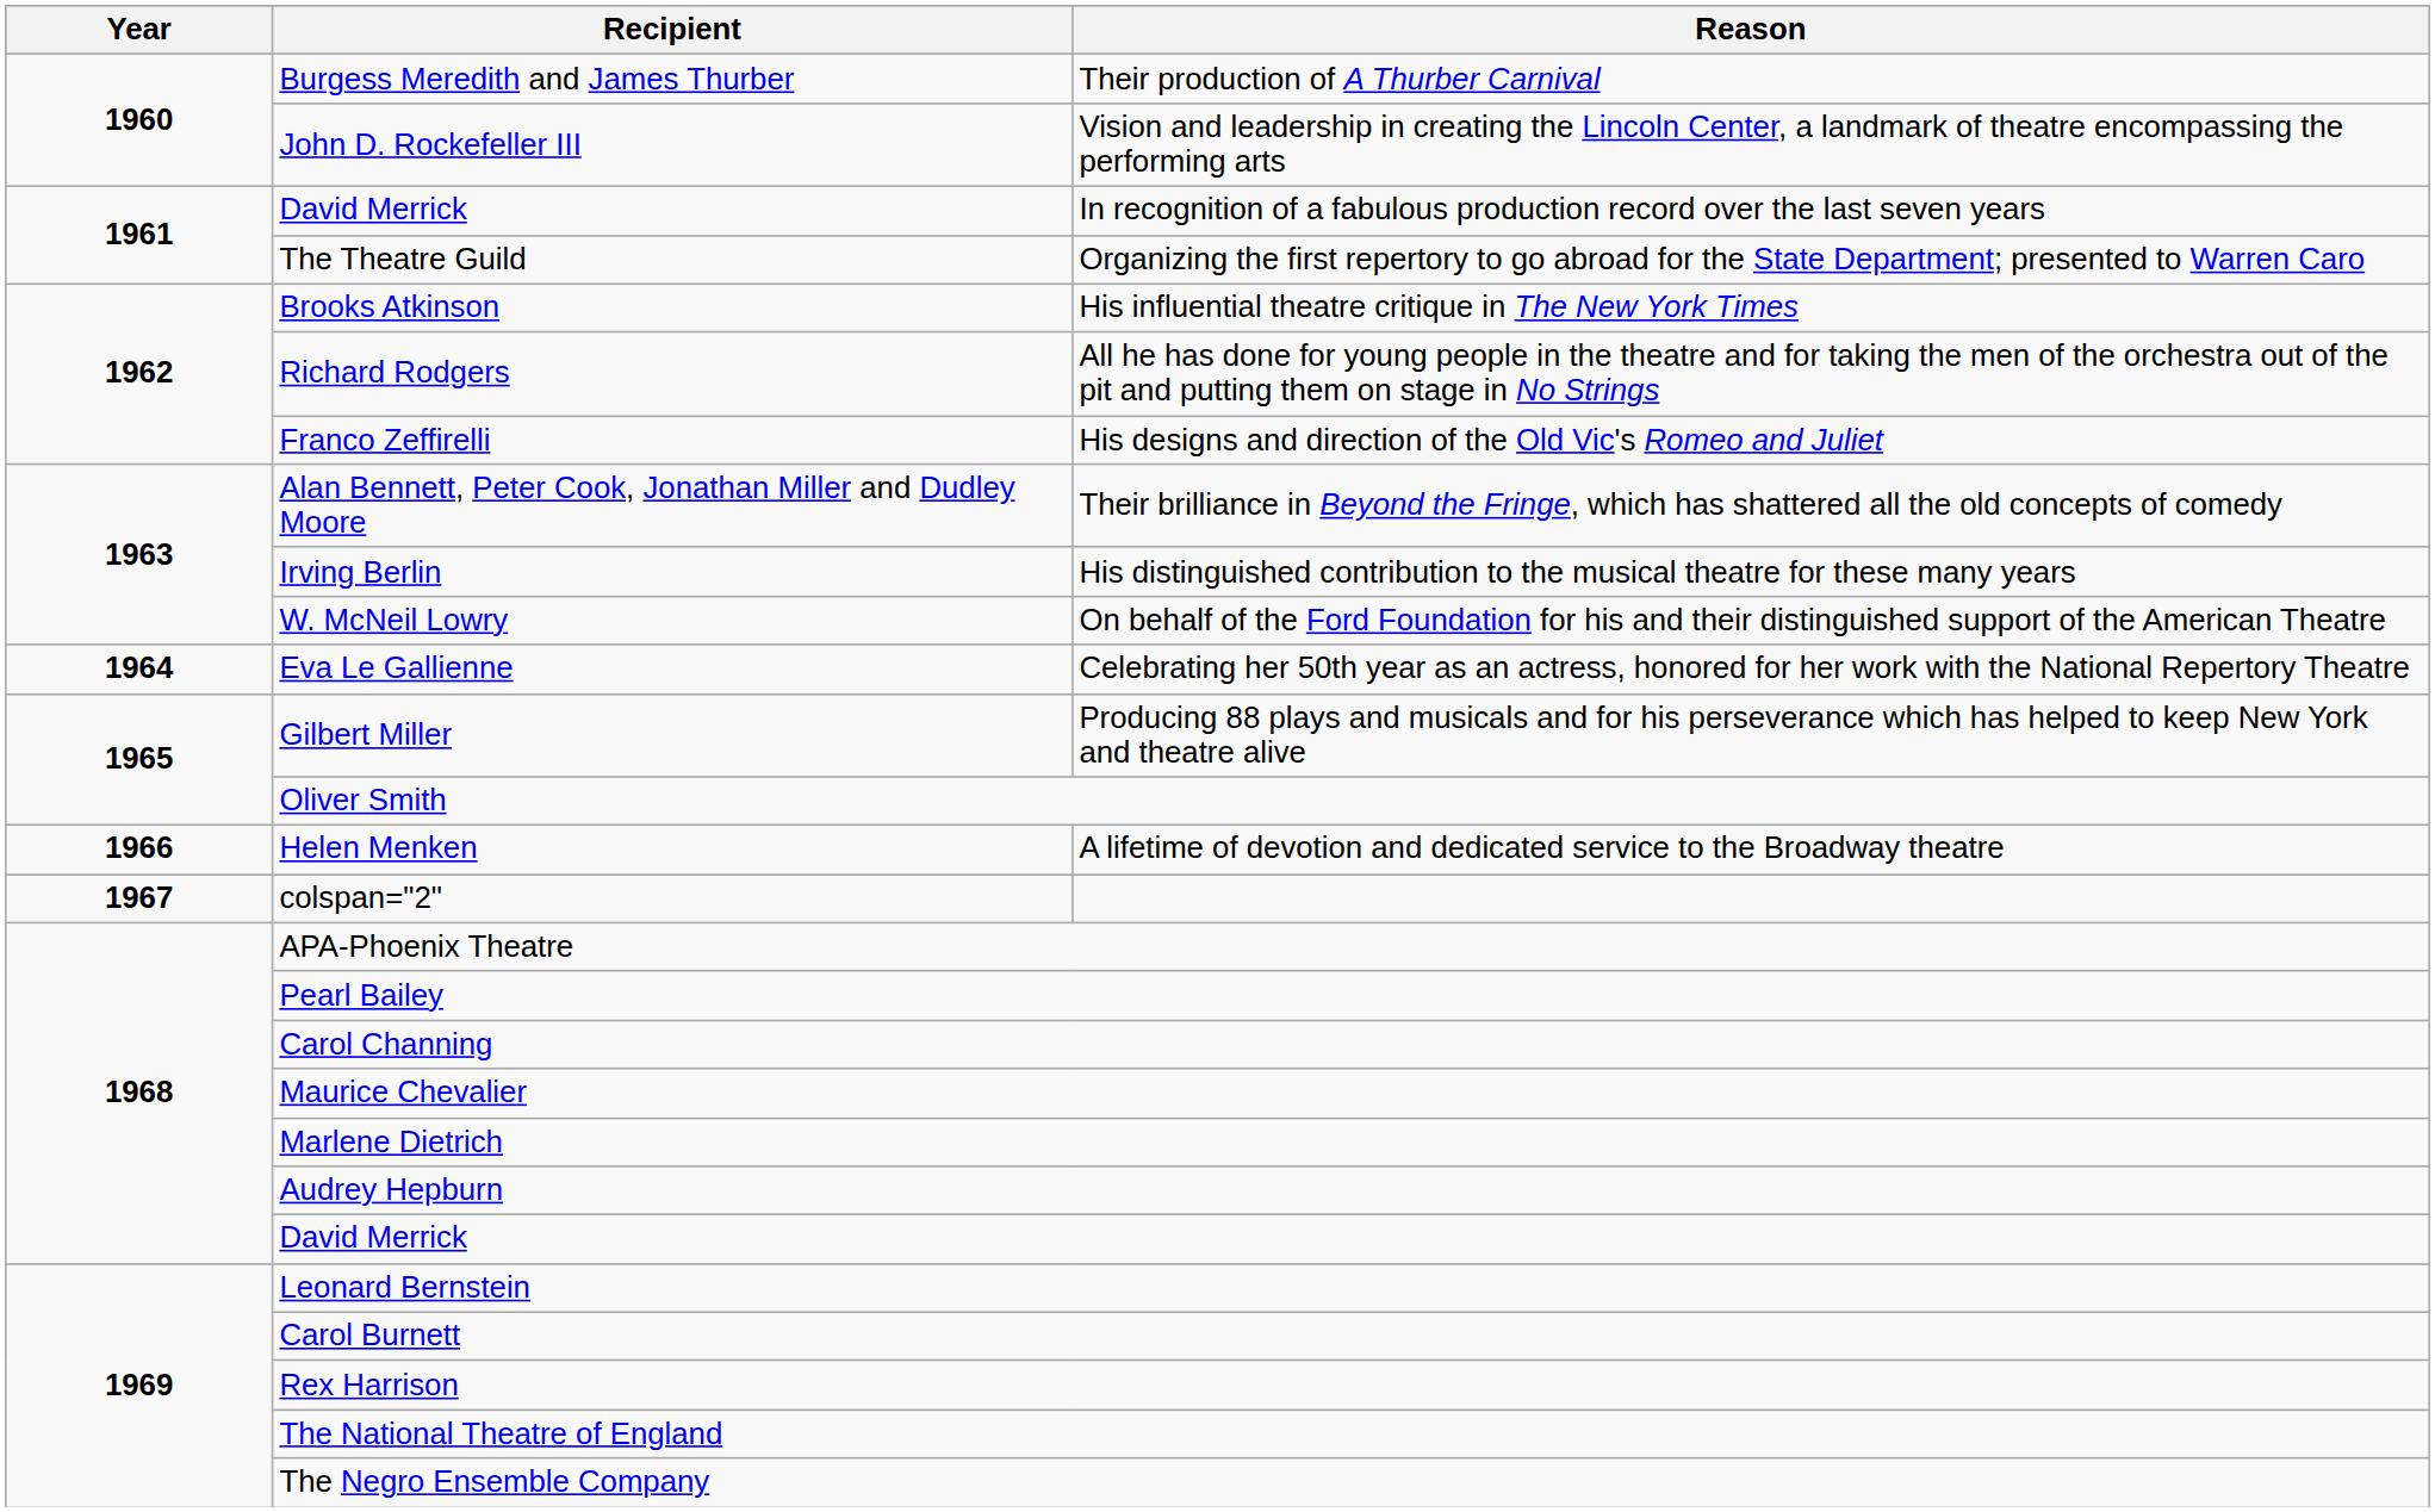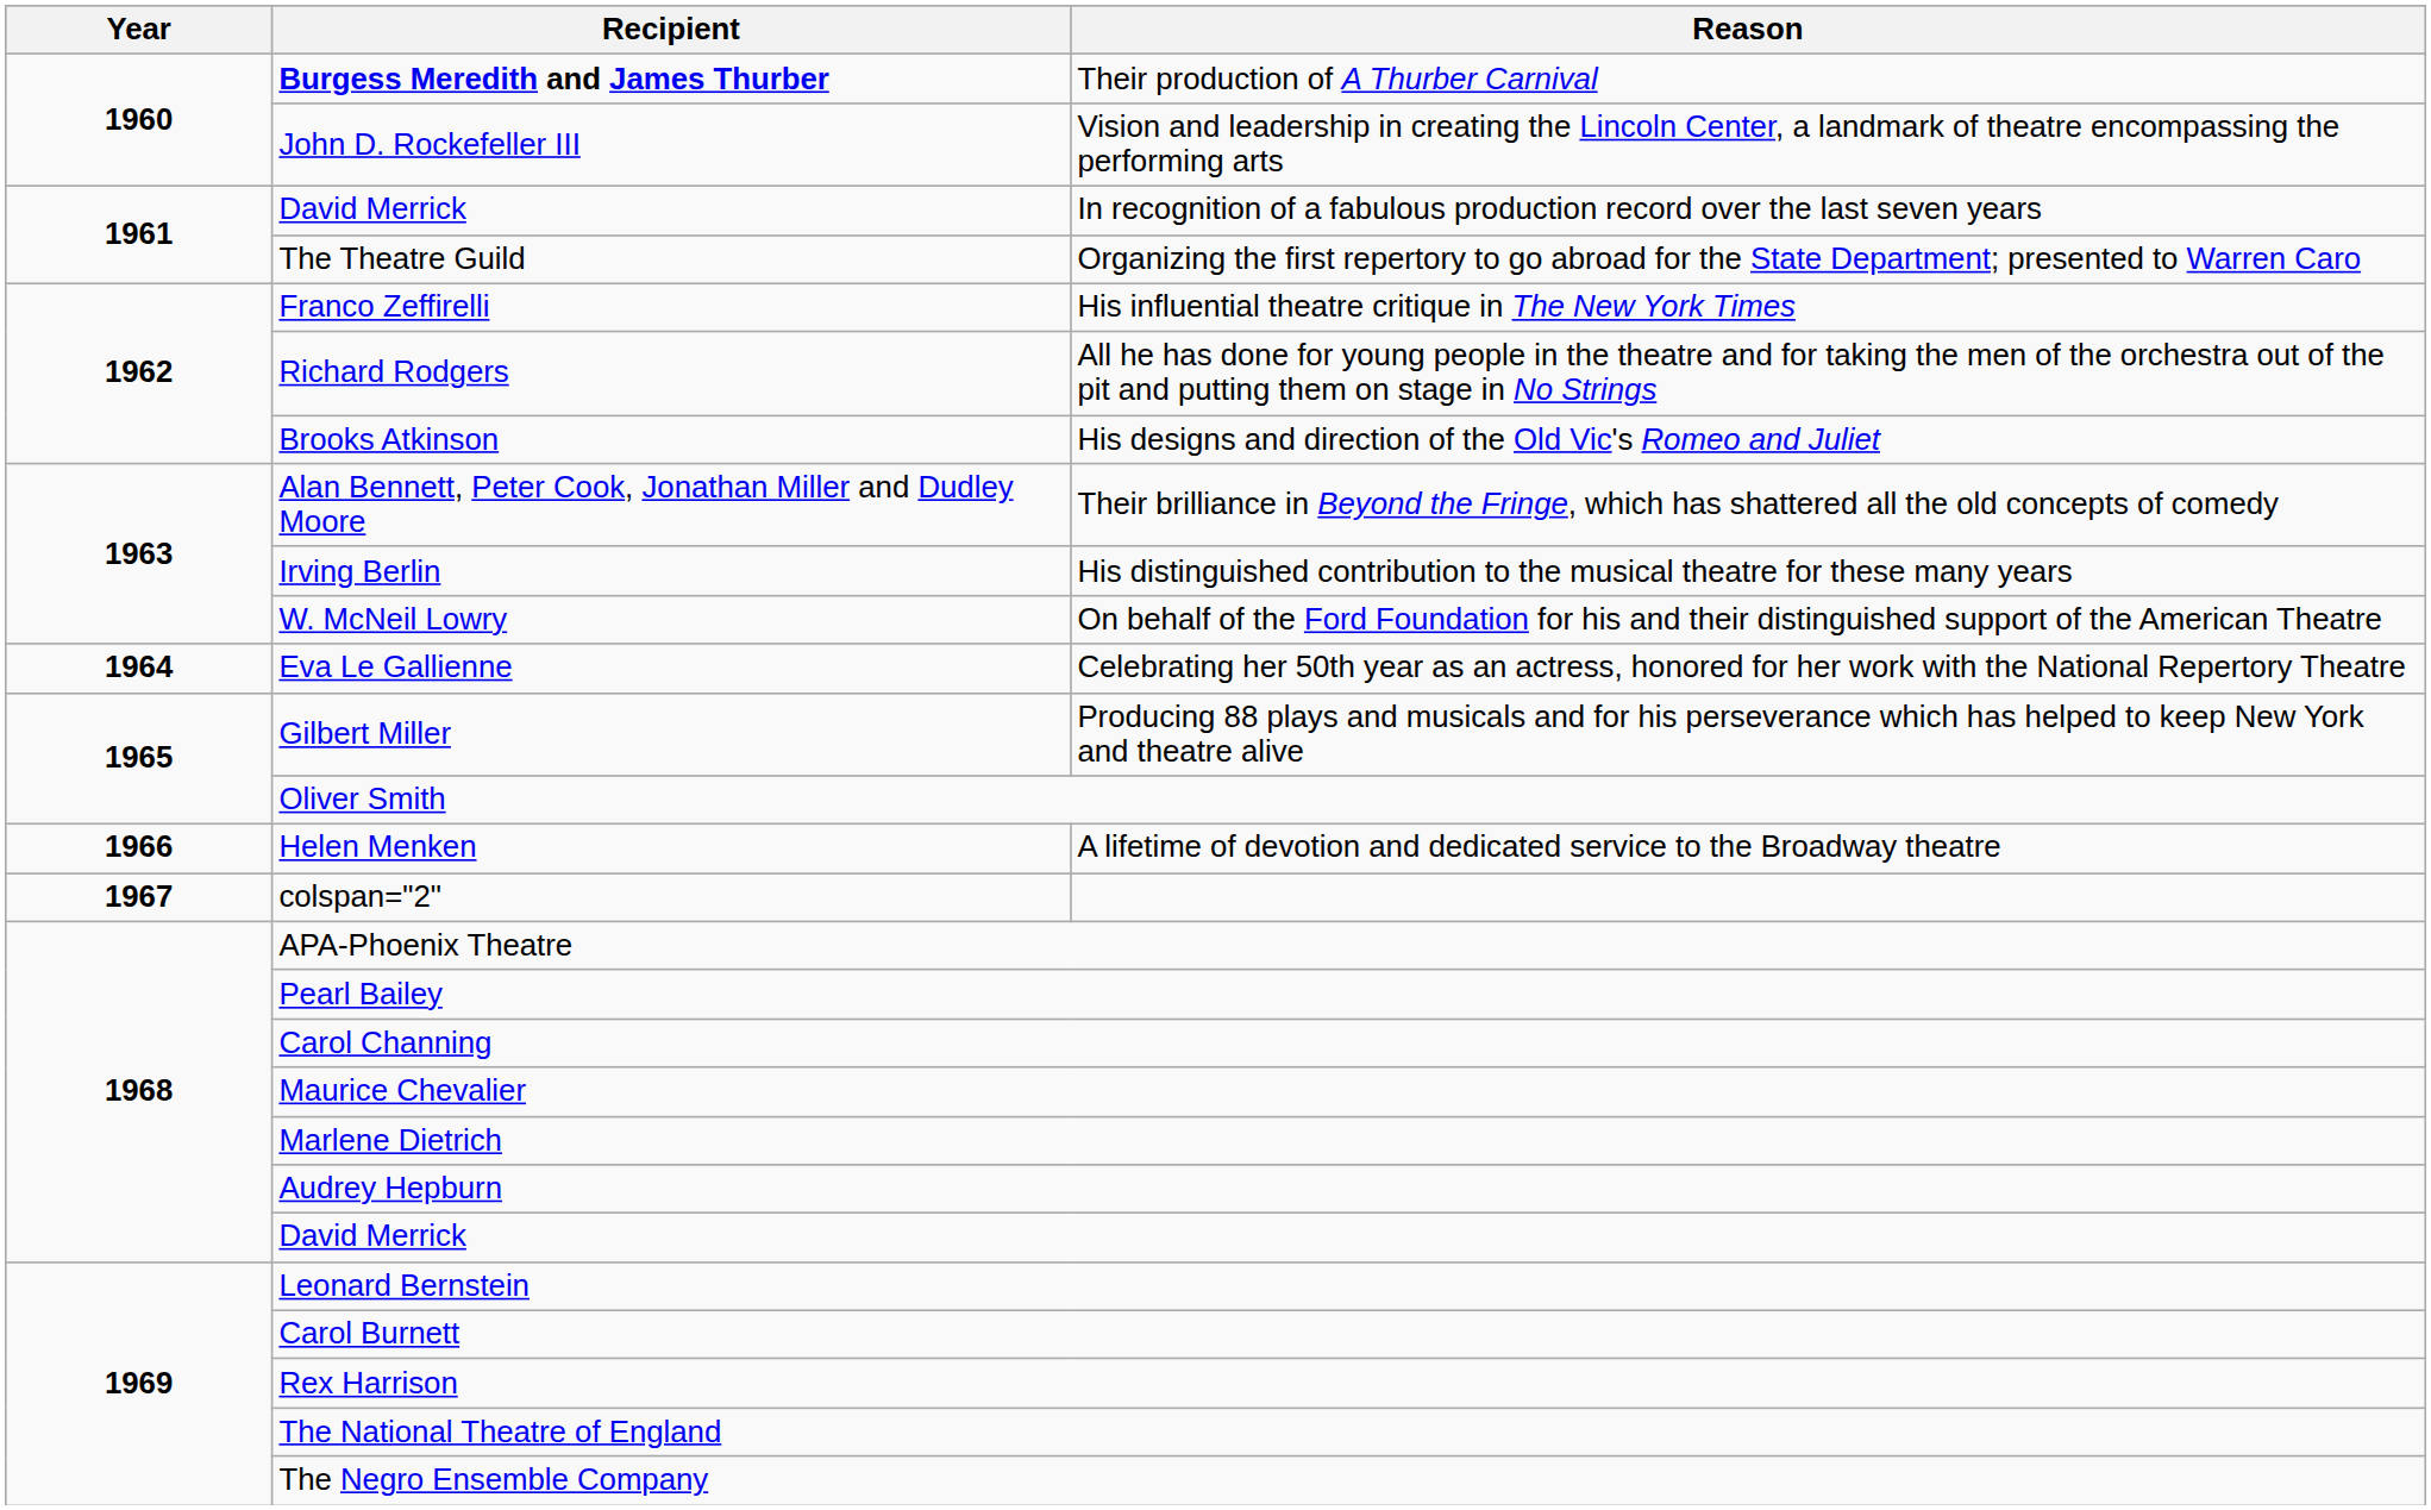 <table class="wikitable" style="width:100%;">
 <tr style="background:#bebebe;">
 <th style="width:11%;">Year</th>
 <th style="width:33%;”">Recipient</th>
 <th style="width:56%;”">Reason</th>
 </tr>
 <tr>
 <td rowspan="2" align="center"><strong>1960</strong><br></td>
-<td><a href='#'>Burgess Meredith</a> and <a href='#'>James Thurber</a></td>
+<td><strong><a href='#'>Burgess Meredith</a> and <a href='#'>James Thurber</a></strong></td>
 <td>Their production of <em><a href='#'>A Thurber Carnival</a></em></td>
 </tr>
 <tr>
 <td><a href='#'>John D. Rockefeller III</a></td>
 <td>Vision and leadership in creating the <a href='#'>Lincoln Center</a>, a landmark of theatre encompassing the performing arts</td>
 </tr>
 <tr>
 <td rowspan="2" align="center"><strong>1961</strong><br></td>
 <td><a href='#'>David Merrick</a></td>
 <td>In recognition of a fabulous production record over the last seven years</td>
 </tr>
 <tr>
 <td>The Theatre Guild</td>
 <td>Organizing the first repertory to go abroad for the <a href='#'>State Department</a>; presented to <a href='#'>Warren Caro</a></td>
 </tr>
 <tr>
 <td rowspan="3" align="center"><strong>1962</strong><br></td>
-<td><a href='#'>Brooks Atkinson</a></td>
+<td><a href='#'>Franco Zeffirelli</a></td>
 <td>His influential theatre critique in <em><a href='#'>The New York Times</a></em></td>
 </tr>
 <tr>
 <td><a href='#'>Richard Rodgers</a></td>
 <td>All he has done for young people in the theatre and for taking the men of the orchestra out of the pit and putting them on stage in <em><a href='#'>No Strings</a></em></td>
 </tr>
 <tr>
-<td><a href='#'>Franco Zeffirelli</a></td>
+<td><a href='#'>Brooks Atkinson</a></td>
 <td>His designs and direction of the <a href='#'>Old Vic</a>'s <em><a href='#'>Romeo and Juliet</a></em></td>
 </tr>
 <tr>
 <td rowspan="3" align="center"><strong>1963</strong><br></td>
 <td><a href='#'>Alan Bennett</a>, <a href='#'>Peter Cook</a>, <a href='#'>Jonathan Miller</a> and <a href='#'>Dudley Moore</a></td>
 <td>Their brilliance in <em><a href='#'>Beyond the Fringe</a></em>, which has shattered all the old concepts of comedy</td>
 </tr>
 <tr>
 <td><a href='#'>Irving Berlin</a></td>
 <td>His distinguished contribution to the musical theatre for these many years</td>
 </tr>
 <tr>
 <td><a href='#'>W. McNeil Lowry</a></td>
 <td>On behalf of the <a href='#'>Ford Foundation</a> for his and their distinguished support of the American Theatre</td>
 </tr>
 <tr>
 <td align="center"><strong>1964</strong><br></td>
 <td><a href='#'>Eva Le Gallienne</a></td>
 <td>Celebrating her 50th year as an actress, honored for her work with the National Repertory Theatre</td>
 </tr>
 <tr>
 <td rowspan="2" align="center"><strong>1965</strong><br></td>
 <td><a href='#'>Gilbert Miller</a></td>
 <td>Producing 88 plays and musicals and for his perseverance which has helped to keep New York and theatre alive</td>
 </tr>
 <tr>
 <td colspan="2"><a href='#'>Oliver Smith</a></td>
 </tr>
 <tr>
 <td align="center"><strong>1966</strong><br></td>
 <td><a href='#'>Helen Menken</a></td>
 <td>A lifetime of devotion and dedicated service to the Broadway theatre</td>
 </tr>
 <tr>
 <td align="center"><strong>1967</strong><br></td>
 <td>colspan="2" </td>
 </tr>
 <tr>
 <td rowspan="7" align="center"><strong>1968</strong><br></td>
 <td colspan="2">APA-Phoenix Theatre</td>
 </tr>
 <tr>
 <td colspan="2"><a href='#'>Pearl Bailey</a></td>
 </tr>
 <tr>
 <td colspan="2"><a href='#'>Carol Channing</a></td>
 </tr>
 <tr>
 <td colspan="2"><a href='#'>Maurice Chevalier</a></td>
 </tr>
 <tr>
 <td colspan="2"><a href='#'>Marlene Dietrich</a></td>
 </tr>
 <tr>
 <td colspan="2"><a href='#'>Audrey Hepburn</a></td>
 </tr>
 <tr>
 <td colspan="2"><a href='#'>David Merrick</a></td>
 </tr>
 <tr>
 <td rowspan="5" align="center"><strong>1969</strong><br></td>
 <td colspan="2"><a href='#'>Leonard Bernstein</a></td>
 </tr>
 <tr>
 <td colspan="2"><a href='#'>Carol Burnett</a></td>
 </tr>
 <tr>
 <td colspan="2"><a href='#'>Rex Harrison</a></td>
 </tr>
 <tr>
 <td colspan="2"><a href='#'>The National Theatre of England</a></td>
 </tr>
 <tr>
 <td colspan="2">The <a href='#'>Negro Ensemble Company</a></td>
 </tr>
 </table>
